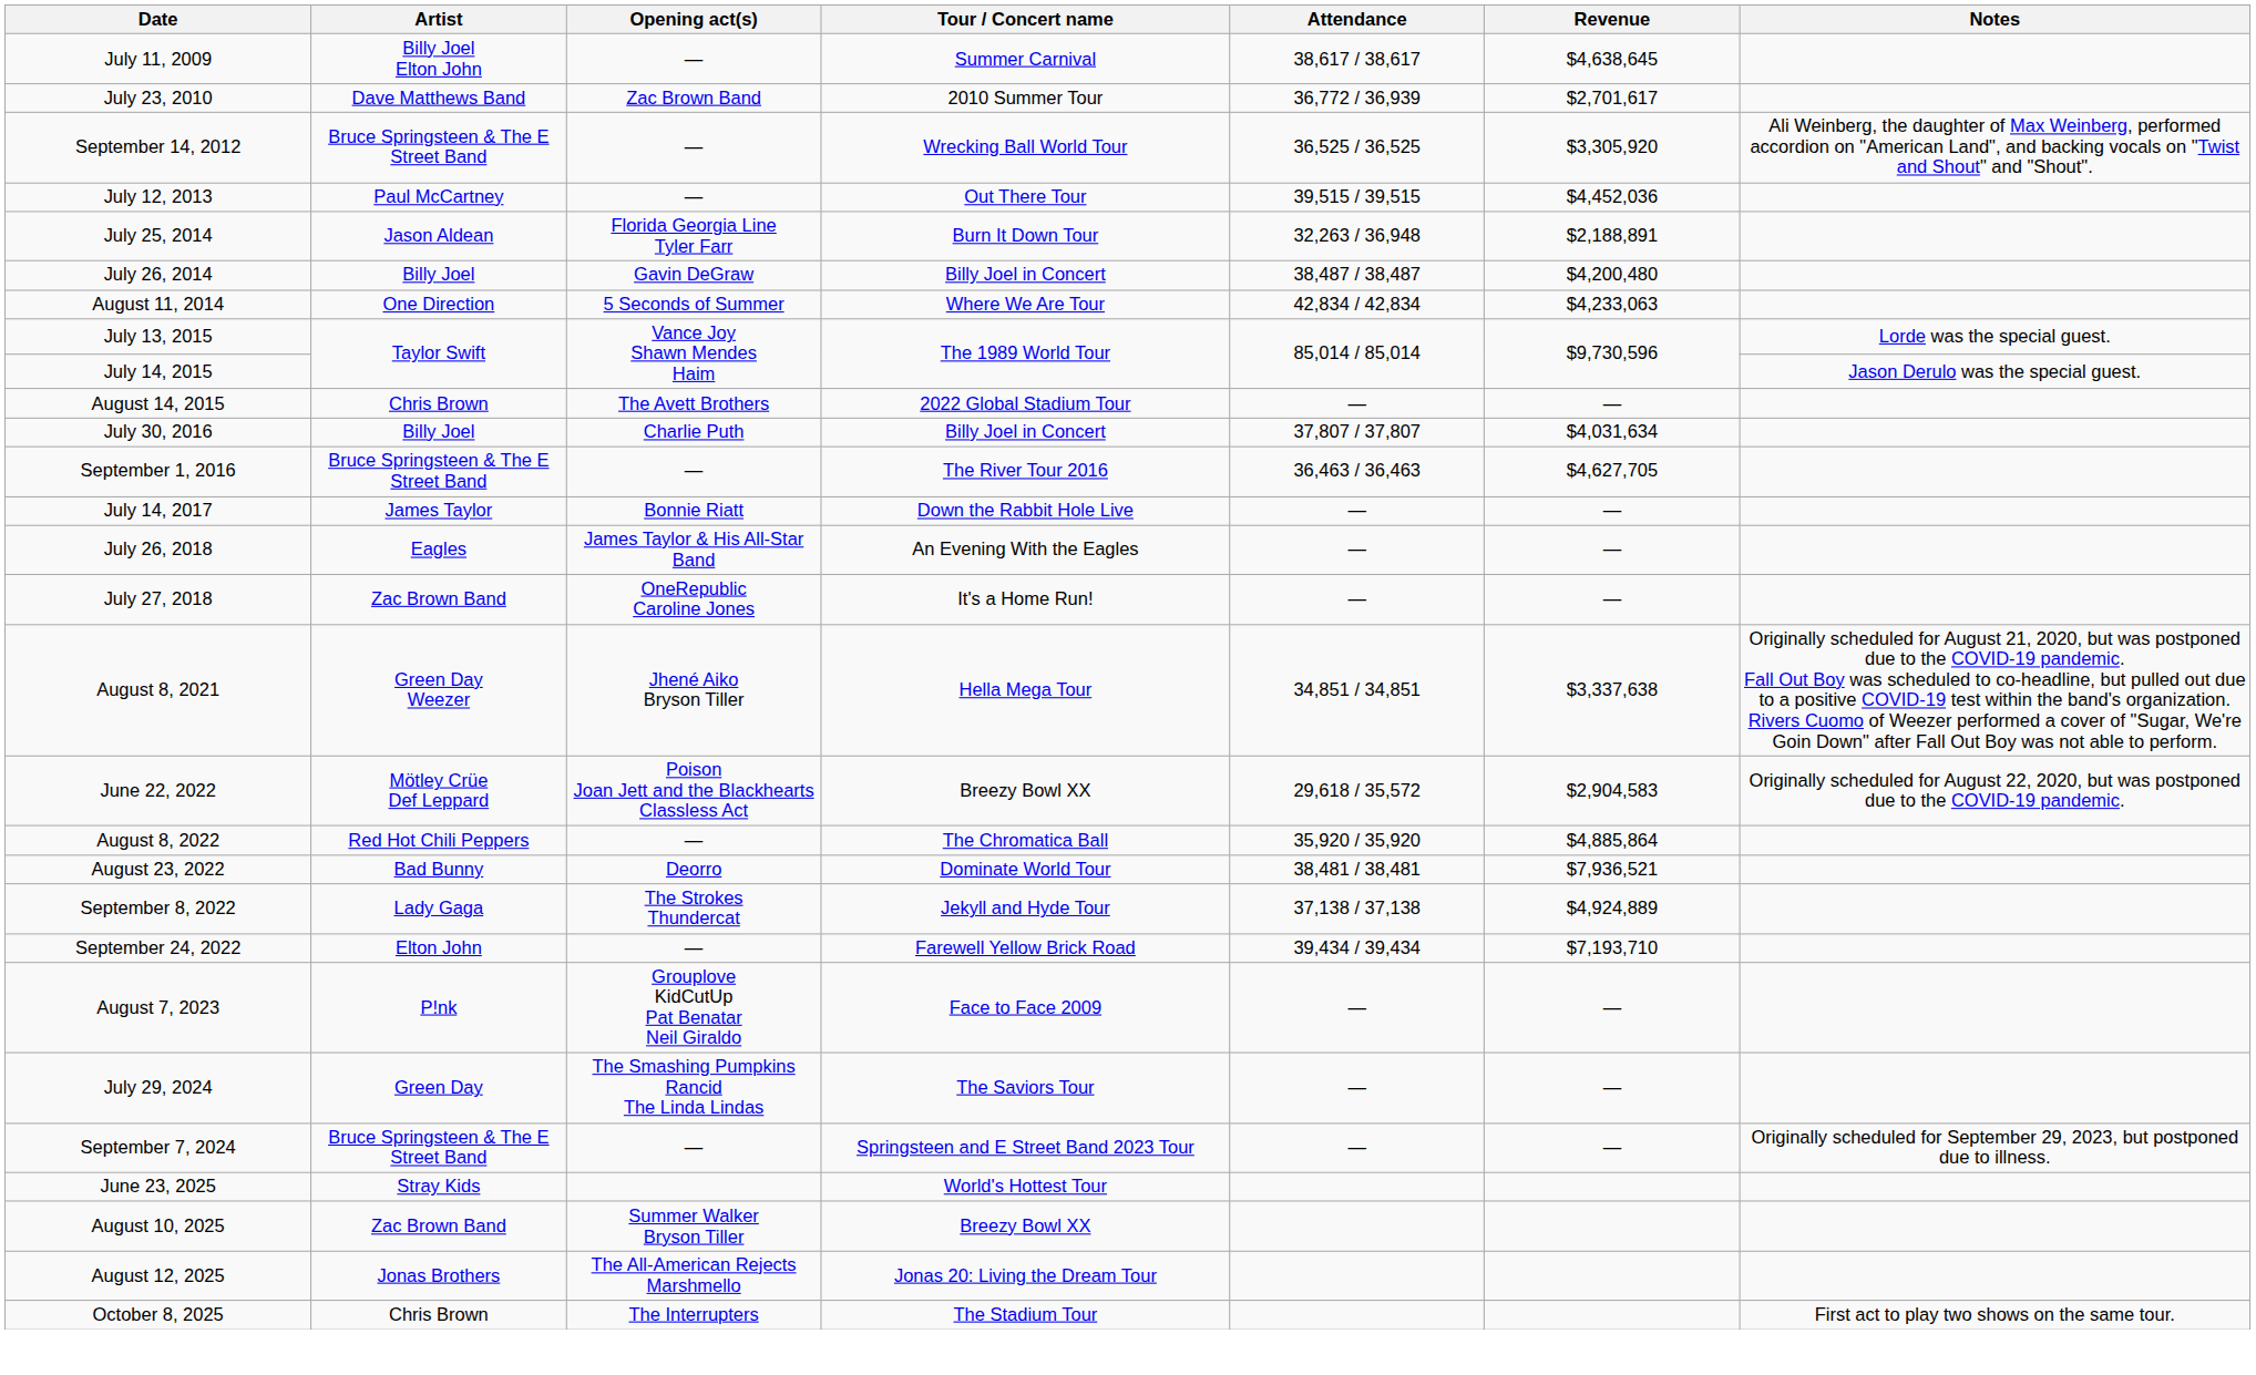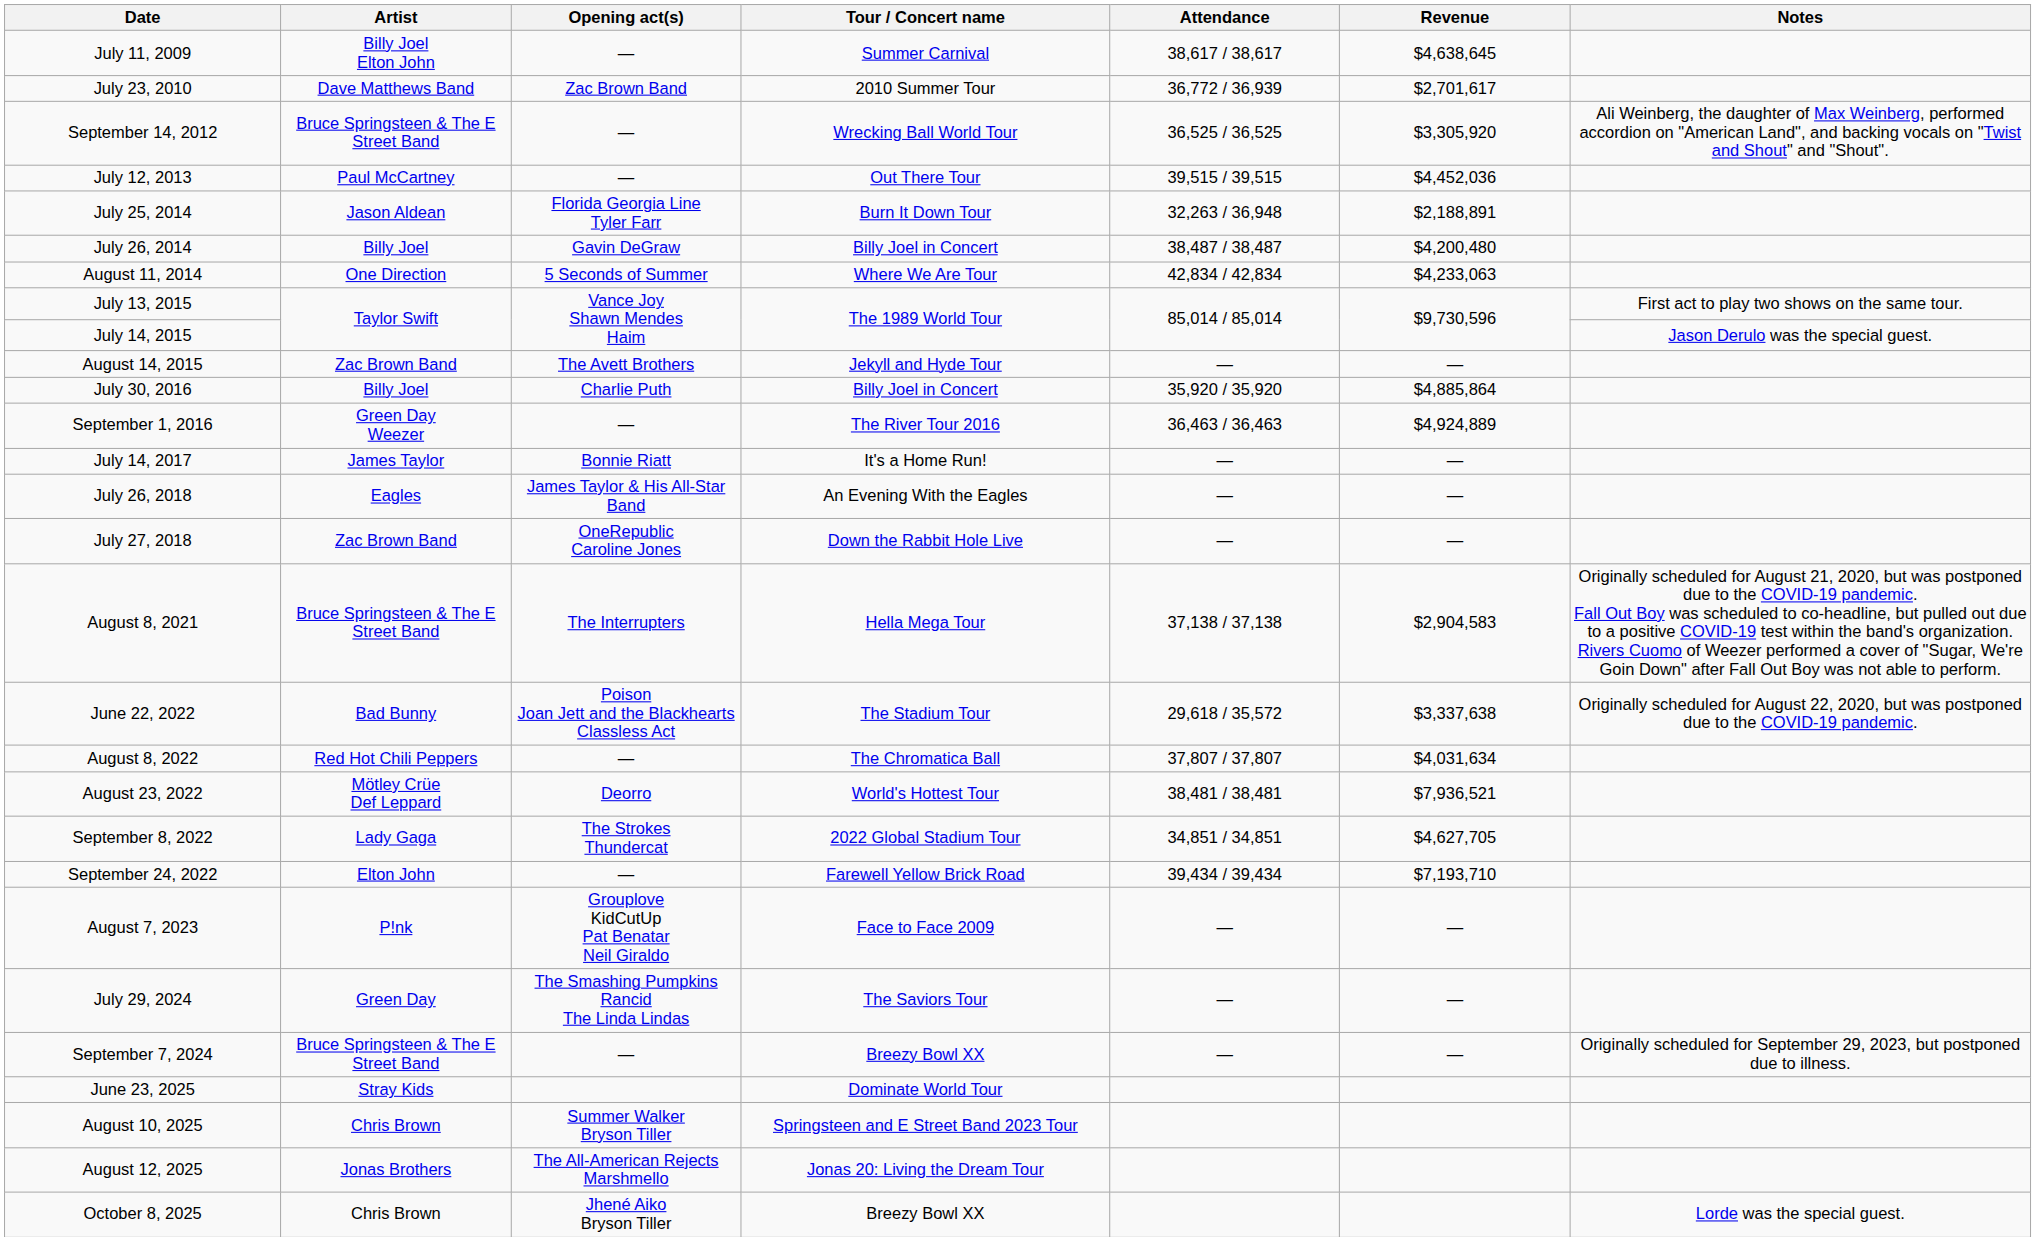 <table class="wikitable" style="text-align:center;">
 <tr>
 <th width=12% style="text-align:center;">Date</th>
 <th width=10% style="text-align:center;">Artist</th>
 <th width=10% style="text-align:center;">Opening act(s)</th>
 <th width=16% style="text-align:center;">Tour / Concert name</th>
 <th width=10% style="text-align:center;">Attendance</th>
 <th width=10% style="text-align:center;">Revenue</th>
 <th width=20% style="text-align:center;">Notes</th>
 </tr>
 <tr>
 <td>July 11, 2009</td>
 <td><a href='#'>Billy Joel</a><br><a href='#'>Elton John</a></td>
 <td>—</td>
 <td><a href='#'>Summer Carnival</a></td>
 <td>38,617 / 38,617</td>
 <td>$4,638,645</td>
 <td></td>
 </tr>
 <tr>
 <td>July 23, 2010</td>
 <td><a href='#'>Dave Matthews Band</a></td>
 <td><a href='#'>Zac Brown Band</a></td>
 <td>2010 Summer Tour</td>
 <td>36,772 / 36,939</td>
 <td>$2,701,617</td>
 <td></td>
 </tr>
 <tr>
 <td>September 14, 2012</td>
 <td><a href='#'>Bruce Springsteen & The E Street Band</a></td>
 <td>—</td>
 <td><a href='#'>Wrecking Ball World Tour</a></td>
 <td>36,525 / 36,525</td>
 <td>$3,305,920</td>
 <td>Ali Weinberg, the daughter of <a href='#'>Max Weinberg</a>, performed accordion on "American Land", and backing vocals on "<a href='#'>Twist and Shout</a>" and "Shout".</td>
 </tr>
 <tr>
 <td>July 12, 2013</td>
 <td><a href='#'>Paul McCartney</a></td>
 <td>—</td>
 <td><a href='#'>Out There Tour</a></td>
 <td>39,515 / 39,515</td>
 <td>$4,452,036</td>
 <td></td>
 </tr>
 <tr>
 <td>July 25, 2014</td>
 <td><a href='#'>Jason Aldean</a></td>
 <td><a href='#'>Florida Georgia Line</a><br><a href='#'>Tyler Farr</a></td>
 <td><a href='#'>Burn It Down Tour</a></td>
 <td>32,263 / 36,948</td>
 <td>$2,188,891</td>
 <td></td>
 </tr>
 <tr>
 <td>July 26, 2014</td>
 <td><a href='#'>Billy Joel</a></td>
 <td><a href='#'>Gavin DeGraw</a></td>
 <td><a href='#'>Billy Joel in Concert</a></td>
 <td>38,487 / 38,487</td>
 <td>$4,200,480</td>
 <td></td>
 </tr>
 <tr>
 <td>August 11, 2014</td>
 <td><a href='#'>One Direction</a></td>
 <td><a href='#'>5 Seconds of Summer</a></td>
 <td><a href='#'>Where We Are Tour</a></td>
 <td>42,834 / 42,834</td>
 <td>$4,233,063</td>
 <td></td>
 </tr>
 <tr>
 <td>July 13, 2015</td>
 <td rowspan=2><a href='#'>Taylor Swift</a></td>
 <td rowspan=2><a href='#'>Vance Joy</a><br><a href='#'>Shawn Mendes</a><br><a href='#'>Haim</a></td>
 <td rowspan=2><a href='#'>The 1989 World Tour</a></td>
 <td rowspan=2>85,014 / 85,014</td>
 <td rowspan=2>$9,730,596</td>
-<td><a href='#'>Lorde</a> was the special guest.</td>
+<td>First act to play two shows on the same tour.</td>
 </tr>
 <tr>
 <td>July 14, 2015</td>
 <td><a href='#'>Jason Derulo</a> was the special guest.</td>
 </tr>
 <tr>
 <td>August 14, 2015</td>
-<td><a href='#'>Chris Brown</a></td>
+<td><a href='#'>Zac Brown Band</a></td>
 <td><a href='#'>The Avett Brothers</a></td>
-<td><a href='#'>2022 Global Stadium Tour</a></td>
+<td><a href='#'>Jekyll and Hyde Tour</a></td>
 <td>—</td>
 <td>—</td>
 <td></td>
 </tr>
 <tr>
 <td>July 30, 2016</td>
 <td><a href='#'>Billy Joel</a></td>
 <td><a href='#'>Charlie Puth</a></td>
 <td><a href='#'>Billy Joel in Concert</a></td>
-<td>37,807 / 37,807</td>
-<td>$4,031,634</td>
+<td>35,920 / 35,920</td>
+<td>$4,885,864</td>
 <td></td>
 </tr>
 <tr>
 <td>September 1, 2016</td>
-<td><a href='#'>Bruce Springsteen & The E Street Band</a></td>
+<td><a href='#'>Green Day</a><br><a href='#'>Weezer</a></td>
 <td>—</td>
 <td><a href='#'>The River Tour 2016</a></td>
 <td>36,463 / 36,463</td>
-<td>$4,627,705</td>
+<td>$4,924,889</td>
 <td></td>
 </tr>
 <tr>
 <td>July 14, 2017</td>
 <td><a href='#'>James Taylor</a></td>
 <td><a href='#'>Bonnie Riatt</a></td>
-<td><a href='#'>Down the Rabbit Hole Live</a></td>
+<td>It's a Home Run!</td>
 <td>—</td>
 <td>—</td>
 <td></td>
 </tr>
 <tr>
 <td>July 26, 2018</td>
 <td><a href='#'>Eagles</a></td>
 <td><a href='#'>James Taylor & His All-Star Band</a></td>
 <td>An Evening With the Eagles</td>
 <td>—</td>
 <td>—</td>
 <td></td>
 </tr>
 <tr>
 <td>July 27, 2018</td>
 <td><a href='#'>Zac Brown Band</a></td>
 <td><a href='#'>OneRepublic</a><br><a href='#'>Caroline Jones</a></td>
-<td>It's a Home Run!</td>
+<td><a href='#'>Down the Rabbit Hole Live</a></td>
 <td>—</td>
 <td>—</td>
 <td></td>
 </tr>
 <tr>
 <td>August 8, 2021</td>
-<td><a href='#'>Green Day</a><br><a href='#'>Weezer</a></td>
-<td><a href='#'>Jhené Aiko</a><br>Bryson Tiller</td>
+<td><a href='#'>Bruce Springsteen & The E Street Band</a></td>
+<td><a href='#'>The Interrupters</a></td>
 <td><a href='#'>Hella Mega Tour</a></td>
-<td>34,851 / 34,851</td>
-<td>$3,337,638</td>
+<td>37,138 / 37,138</td>
+<td>$2,904,583</td>
 <td>Originally scheduled for August 21, 2020, but was postponed due to the <a href='#'>COVID-19 pandemic</a>.<br><a href='#'>Fall Out Boy</a> was scheduled to co-headline, but pulled out due to a positive <a href='#'>COVID-19</a> test within the band's organization. <a href='#'>Rivers Cuomo</a> of Weezer performed a cover of "Sugar, We're Goin Down" after Fall Out Boy was not able to perform.</td>
 </tr>
 <tr>
 <td>June 22, 2022</td>
-<td><a href='#'>Mötley Crüe</a><br><a href='#'>Def Leppard</a></td>
+<td><a href='#'>Bad Bunny</a></td>
 <td><a href='#'>Poison</a><br><a href='#'>Joan Jett and the Blackhearts</a><br><a href='#'>Classless Act</a></td>
-<td>Breezy Bowl XX</td>
+<td><a href='#'>The Stadium Tour</a></td>
 <td>29,618 / 35,572</td>
-<td>$2,904,583</td>
+<td>$3,337,638</td>
 <td>Originally scheduled for August 22, 2020, but was postponed due to the <a href='#'>COVID-19 pandemic</a>.</td>
 </tr>
 <tr>
 <td>August 8, 2022</td>
 <td><a href='#'>Red Hot Chili Peppers</a></td>
 <td>—</td>
 <td><a href='#'>The Chromatica Ball</a></td>
-<td>35,920 / 35,920</td>
-<td>$4,885,864</td>
+<td>37,807 / 37,807</td>
+<td>$4,031,634</td>
 <td></td>
 </tr>
 <tr>
 <td>August 23, 2022</td>
-<td><a href='#'>Bad Bunny</a></td>
+<td><a href='#'>Mötley Crüe</a><br><a href='#'>Def Leppard</a></td>
 <td><a href='#'>Deorro</a></td>
-<td><a href='#'>Dominate World Tour</a></td>
+<td><a href='#'>World's Hottest Tour</a></td>
 <td>38,481 / 38,481</td>
 <td>$7,936,521</td>
 <td></td>
 </tr>
 <tr>
 <td>September 8, 2022</td>
 <td><a href='#'>Lady Gaga</a></td>
 <td><a href='#'>The Strokes</a><br><a href='#'>Thundercat</a></td>
-<td><a href='#'>Jekyll and Hyde Tour</a></td>
-<td>37,138 / 37,138</td>
-<td>$4,924,889</td>
+<td><a href='#'>2022 Global Stadium Tour</a></td>
+<td>34,851 / 34,851</td>
+<td>$4,627,705</td>
 <td></td>
 </tr>
 <tr>
 <td>September 24, 2022</td>
 <td><a href='#'>Elton John</a></td>
 <td>—</td>
 <td><a href='#'>Farewell Yellow Brick Road</a></td>
 <td>39,434 / 39,434</td>
 <td>$7,193,710</td>
 <td></td>
 </tr>
 <tr>
 <td>August 7, 2023</td>
 <td><a href='#'>P!nk</a></td>
 <td><a href='#'>Grouplove</a><br>KidCutUp<br><a href='#'>Pat Benatar</a><br><a href='#'>Neil Giraldo</a></td>
 <td><a href='#'>Face to Face 2009</a></td>
 <td>—</td>
 <td>—</td>
 <td></td>
 </tr>
 <tr>
 <td>July 29, 2024</td>
 <td><a href='#'>Green Day</a></td>
 <td><a href='#'>The Smashing Pumpkins</a><br><a href='#'>Rancid</a><br><a href='#'>The Linda Lindas</a></td>
 <td><a href='#'>The Saviors Tour</a></td>
 <td>—</td>
 <td>—</td>
 <td></td>
 </tr>
 <tr>
 <td>September 7, 2024</td>
 <td><a href='#'>Bruce Springsteen & The E Street Band</a></td>
 <td>—</td>
-<td><a href='#'>Springsteen and E Street Band 2023 Tour</a></td>
+<td><a href='#'>Breezy Bowl XX</a></td>
 <td>—</td>
 <td>—</td>
 <td>Originally scheduled for September 29, 2023, but postponed due to illness.</td>
 </tr>
 <tr>
 <td>June 23, 2025</td>
 <td><a href='#'>Stray Kids</a></td>
 <td></td>
-<td><a href='#'>World's Hottest Tour</a></td>
+<td><a href='#'>Dominate World Tour</a></td>
 <td></td>
 <td></td>
 <td></td>
 </tr>
 <tr>
 <td>August 10, 2025</td>
-<td><a href='#'>Zac Brown Band</a></td>
+<td><a href='#'>Chris Brown</a></td>
 <td><a href='#'>Summer Walker</a><br><a href='#'>Bryson Tiller</a></td>
-<td><a href='#'>Breezy Bowl XX</a></td>
+<td><a href='#'>Springsteen and E Street Band 2023 Tour</a></td>
 <td></td>
 <td></td>
 <td></td>
 </tr>
 <tr>
 <td>August 12, 2025</td>
 <td><a href='#'>Jonas Brothers</a></td>
 <td><a href='#'>The All-American Rejects</a><br><a href='#'>Marshmello</a></td>
 <td><a href='#'>Jonas 20: Living the Dream Tour</a></td>
 <td></td>
 <td></td>
 <td></td>
 </tr>
 <tr>
 <td>October 8, 2025</td>
 <td>Chris Brown</td>
-<td><a href='#'>The Interrupters</a></td>
-<td><a href='#'>The Stadium Tour</a></td>
+<td><a href='#'>Jhené Aiko</a><br>Bryson Tiller</td>
+<td>Breezy Bowl XX</td>
 <td></td>
 <td></td>
-<td>First act to play two shows on the same tour.</td>
+<td><a href='#'>Lorde</a> was the special guest.</td>
 </tr>
 <tr>
 </tr>
 </table>
